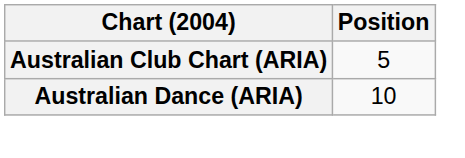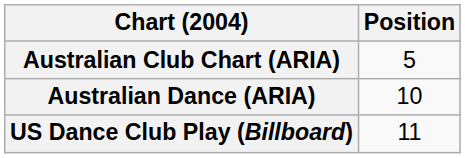 <table class="wikitable sortable plainrowheaders" style="text-align:center">
 <tr>
 <th>Chart (2004)</th>
 <th>Position</th>
 </tr>
 <tr>
 <th scope="row">Australian Club Chart (ARIA)</th>
 <td>5</td>
 </tr>
 <tr>
 <th scope="row">Australian Dance (ARIA)</th>
 <td>10</td>
 </tr>
+<tr>
+<th scope="row">US Dance Club Play (<em>Billboard</em>)</th>
+<td>11</td>
+</tr>
 </table>
